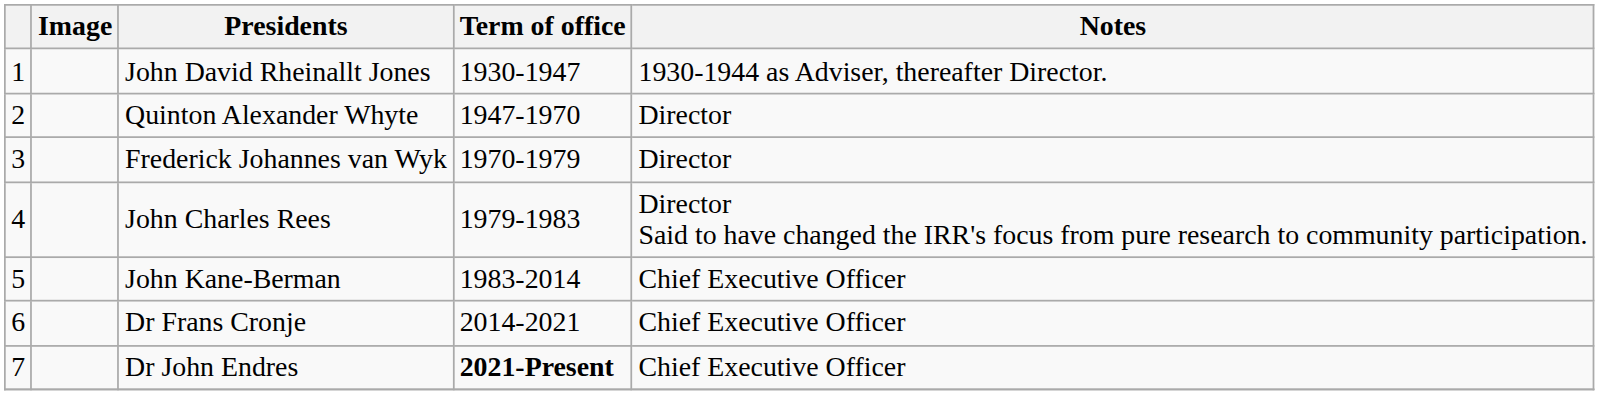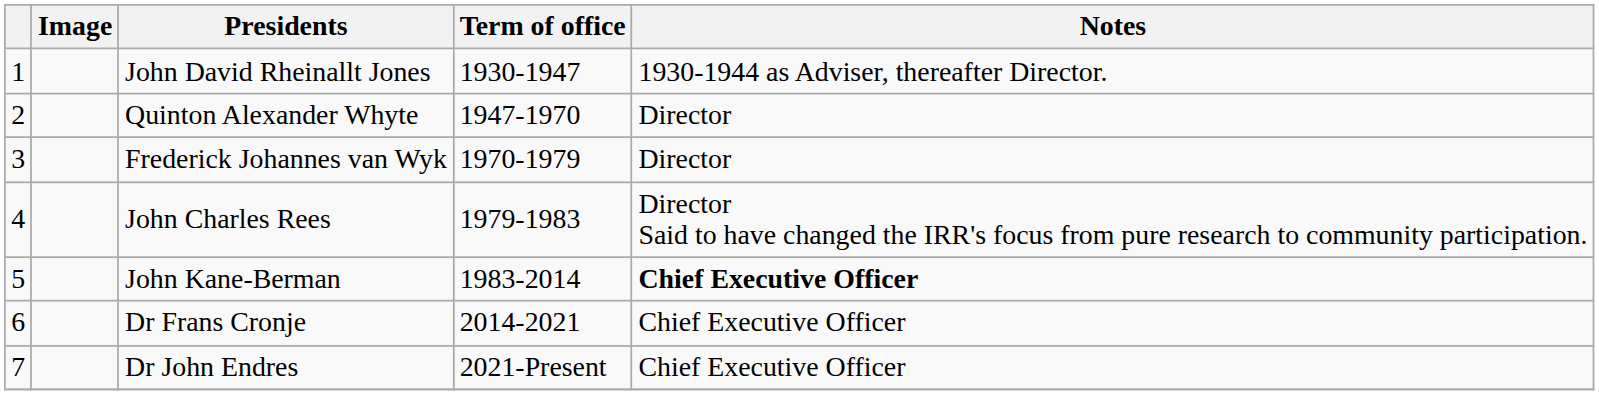 <table class="wikitable sortable mw-collapsible">
 <tr>
 <th></th>
 <th>Image</th>
 <th>Presidents</th>
 <th>Term of office</th>
 <th>Notes</th>
 </tr>
 <tr>
 <td>1</td>
 <td></td>
 <td>John David Rheinallt Jones</td>
 <td>1930-1947</td>
 <td>1930-1944 as Adviser, thereafter Director.</td>
 </tr>
 <tr>
 <td>2</td>
 <td></td>
 <td>Quinton Alexander Whyte</td>
 <td>1947-1970</td>
 <td>Director</td>
 </tr>
 <tr>
 <td>3</td>
 <td></td>
 <td>Frederick Johannes van Wyk</td>
 <td>1970-1979</td>
 <td>Director</td>
 </tr>
 <tr>
 <td>4</td>
 <td></td>
 <td>John Charles Rees</td>
 <td>1979-1983</td>
 <td>Director<br>Said to have changed the IRR's focus from pure  research to community participation.</td>
 </tr>
 <tr>
 <td>5</td>
 <td></td>
 <td>John Kane-Berman</td>
 <td>1983-2014</td>
-<td>Chief Executive Officer</td>
+<td><strong>Chief Executive Officer</strong></td>
 </tr>
 <tr>
 <td>6</td>
 <td></td>
 <td>Dr Frans Cronje</td>
 <td>2014-2021</td>
 <td>Chief Executive Officer</td>
 </tr>
 <tr>
 <td>7</td>
 <td></td>
 <td>Dr John Endres</td>
-<td><strong>2021-Present</strong></td>
+<td>2021-Present</td>
 <td>Chief Executive Officer</td>
 </tr>
 <tr>
 </tr>
 </table>
